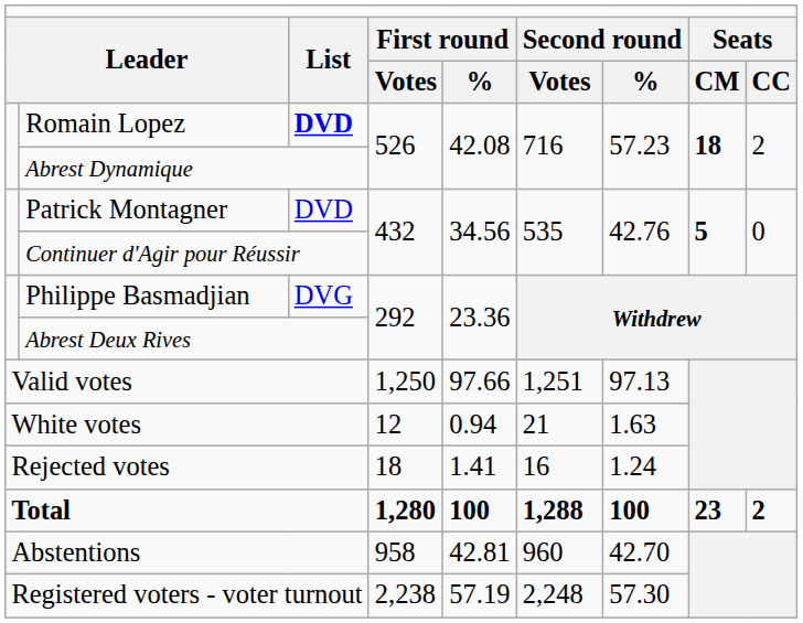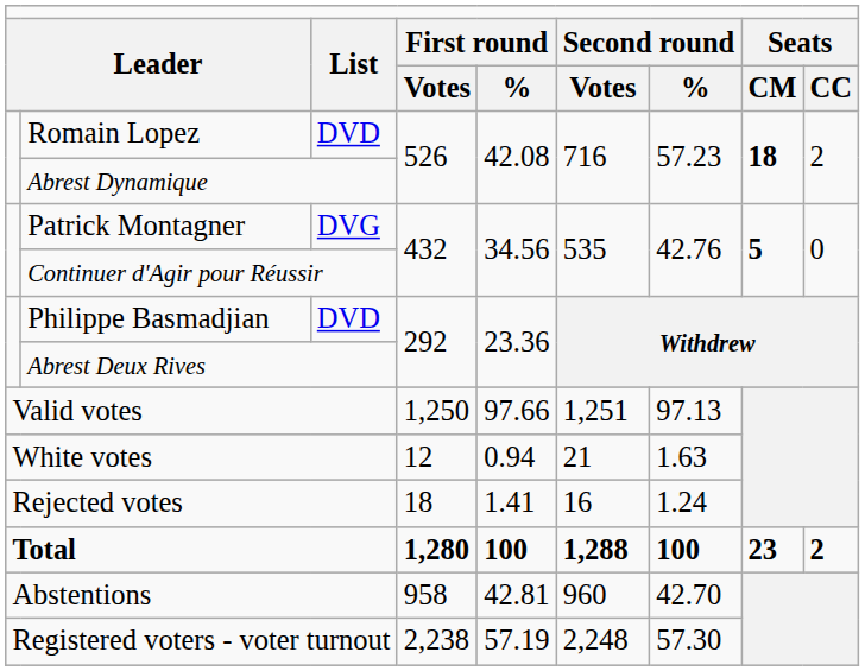 <table class="wikitable">
 <tr>
 <td colspan="9"></td>
 </tr>
 <tr>
 <th colspan="2" rowspan="2">Leader</th>
 <th rowspan="2">List</th>
 <th colspan="2">First round</th>
 <th colspan="2">Second round</th>
 <th colspan="2">Seats</th>
 </tr>
 <tr>
 <th>Votes</th>
 <th>%</th>
 <th>Votes</th>
 <th>%</th>
 <th>CM</th>
 <th>CC</th>
 </tr>
 <tr>
 <td rowspan="2"></td>
 <td>Romain Lopez</td>
-<td><strong><a href='#'>DVD</a></strong></td>
+<td><a href='#'>DVD</a></td>
 <td rowspan="2">526</td>
 <td rowspan="2">42.08</td>
 <td rowspan="2">716</td>
 <td rowspan="2">57.23</td>
 <td rowspan="2"><strong>18</strong></td>
 <td rowspan="2">2</td>
 </tr>
 <tr>
 <td colspan="2"><em><small>Abrest Dynamique</small></em></td>
 </tr>
 <tr>
 <td rowspan="2"></td>
 <td>Patrick Montagner</td>
-<td><a href='#'>DVD</a></td>
+<td><a href='#'>DVG</a></td>
 <td rowspan="2">432</td>
 <td rowspan="2">34.56</td>
 <td rowspan="2">535</td>
 <td rowspan="2">42.76</td>
 <td rowspan="2"><strong>5</strong></td>
 <td rowspan="2">0</td>
 </tr>
 <tr>
 <td colspan="2"><em><small>Continuer d'Agir pour Réussir</small></em></td>
 </tr>
 <tr>
 <td rowspan="2"></td>
 <td>Philippe Basmadjian</td>
-<td><a href='#'>DVG</a></td>
+<td><a href='#'>DVD</a></td>
 <td rowspan="2">292</td>
 <td rowspan="2">23.36</td>
 <th colspan="4" rowspan="2"><em><small>Withdrew</small></em></th>
 </tr>
 <tr>
 <td colspan="2"><em><small>Abrest Deux Rives</small></em></td>
 </tr>
 <tr>
 <td colspan="3">Valid votes</td>
 <td>1,250</td>
 <td>97.66</td>
 <td>1,251</td>
 <td>97.13</td>
 <th colspan="2" rowspan="3"></th>
 </tr>
 <tr>
 <td colspan="3">White votes</td>
 <td>12</td>
 <td>0.94</td>
 <td>21</td>
 <td>1.63</td>
 </tr>
 <tr>
 <td colspan="3">Rejected votes</td>
 <td>18</td>
 <td>1.41</td>
 <td>16</td>
 <td>1.24</td>
 </tr>
 <tr>
 <td colspan="3"><strong>Total</strong></td>
 <td><strong>1,280</strong></td>
 <td><strong>100</strong></td>
 <td><strong>1,288</strong></td>
 <td><strong>100</strong></td>
 <td><strong>23</strong></td>
 <td><strong>2</strong></td>
 </tr>
 <tr>
 <td colspan="3">Abstentions</td>
 <td>958</td>
 <td>42.81</td>
 <td>960</td>
 <td>42.70</td>
 <th colspan="2" rowspan="2"></th>
 </tr>
 <tr>
 <td colspan="3">Registered voters - voter turnout</td>
 <td>2,238</td>
 <td>57.19</td>
 <td>2,248</td>
 <td>57.30</td>
 </tr>
 </table>
